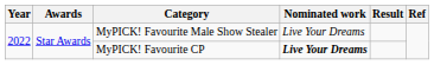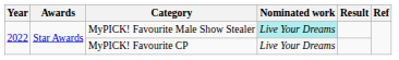 <table class="wikitable sortable">
 <tr>
 <th>Year</th>
 <th>Awards</th>
 <th>Category</th>
 <th>Nominated work</th>
 <th>Result</th>
 <th class="unsortable">Ref</th>
 </tr>
 <tr>
 <td rowspan="2"><a href='#'>2022</a></td>
 <td rowspan="2"><a href='#'>Star Awards</a></td>
 <td>MyPICK! Favourite Male Show Stealer</td>
-<td><em>Live Your Dreams</em></td>
+<td style="background: paleturquoise;"><em>Live Your Dreams</em></td>
 <td></td>
 <td rowspan="2"></td>
 </tr>
 <tr>
 <td>MyPICK! Favourite CP</td>
-<td><strong><em>Live Your Dreams</em></strong></td>
+<td><em>Live Your Dreams</em></td>
 <td></td>
 </tr>
 </table>
